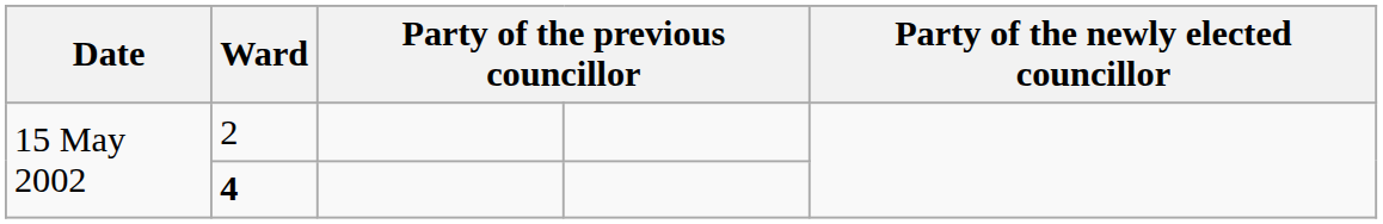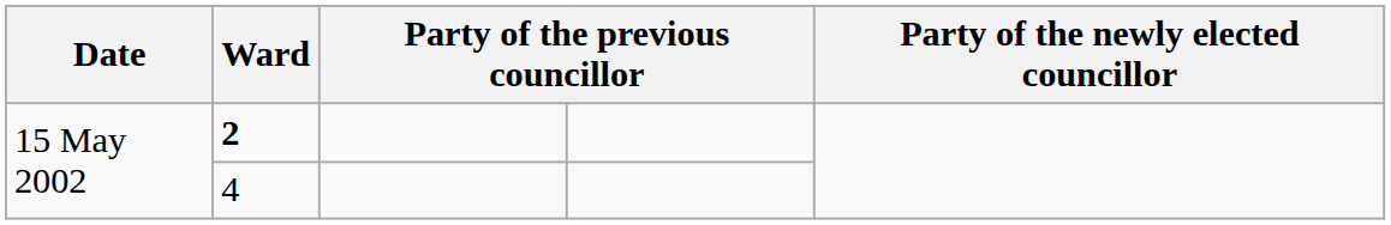 <table class="wikitable">
 <tr>
 <th>Date</th>
 <th>Ward</th>
 <th colspan=2>Party of the previous councillor</th>
 <th colspan=2>Party of the newly elected councillor</th>
 </tr>
 <tr>
 <td rowspan=2>15 May 2002</td>
-<td>2</td>
+<td><strong>2</strong></td>
 <td></td>
 <td></td>
 </tr>
 <tr>
-<td><strong>4</strong></td>
+<td>4</td>
 <td></td>
 <td></td>
 </tr>
 </table>
